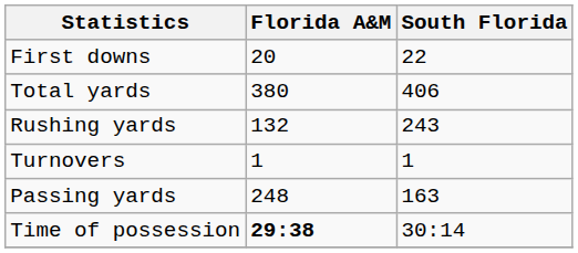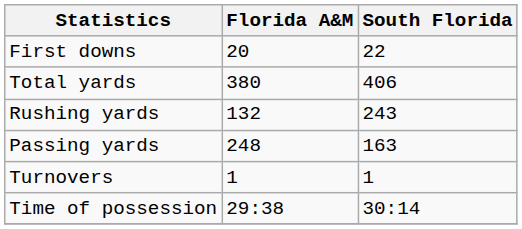 <table class="wikitable">
 <tr>
 <th>Statistics</th>
 <th>Florida A&M</th>
 <th>South Florida</th>
 </tr>
 <tr>
 <td>First downs</td>
 <td>20</td>
 <td>22</td>
 </tr>
 <tr>
 <td>Total yards</td>
 <td>380</td>
 <td>406</td>
 </tr>
 <tr>
 <td>Rushing yards</td>
 <td>132</td>
 <td>243</td>
 </tr>
 <tr>
+<td>Passing yards</td>
+<td>248</td>
+<td>163</td>
+</tr>
+<tr>
 <td>Turnovers</td>
 <td>1</td>
 <td>1</td>
 </tr>
 <tr>
-<td>Passing yards</td>
-<td>248</td>
-<td>163</td>
-</tr>
-<tr>
 <td>Time of possession</td>
-<td><strong>29:38</strong></td>
+<td>29:38</td>
 <td>30:14</td>
 </tr>
 <tr>
 </tr>
 </table>
